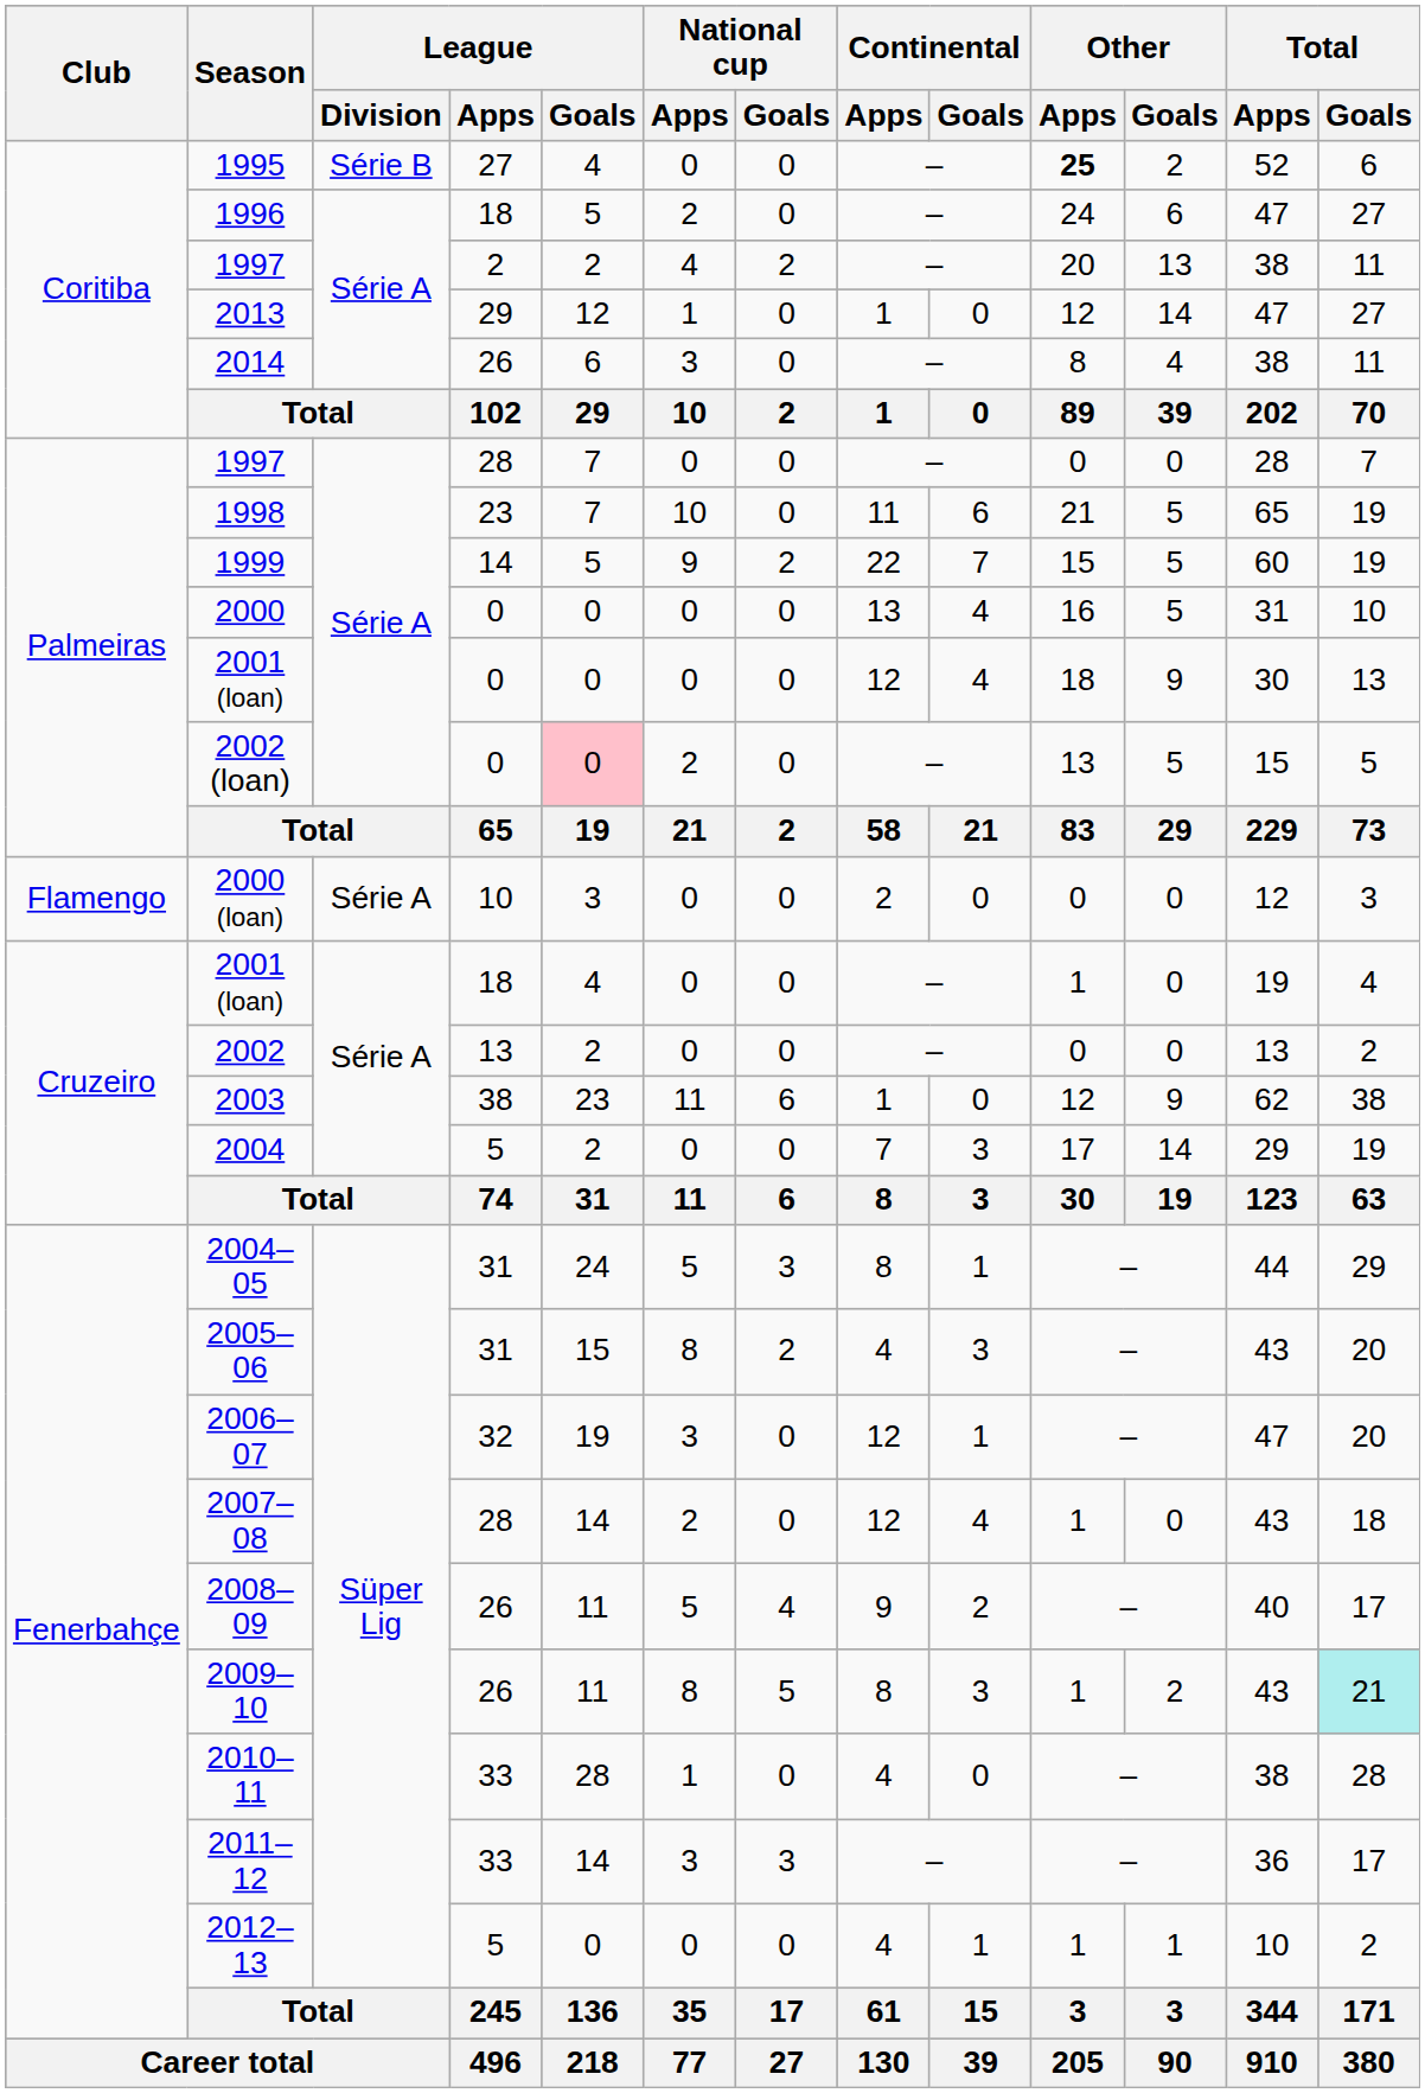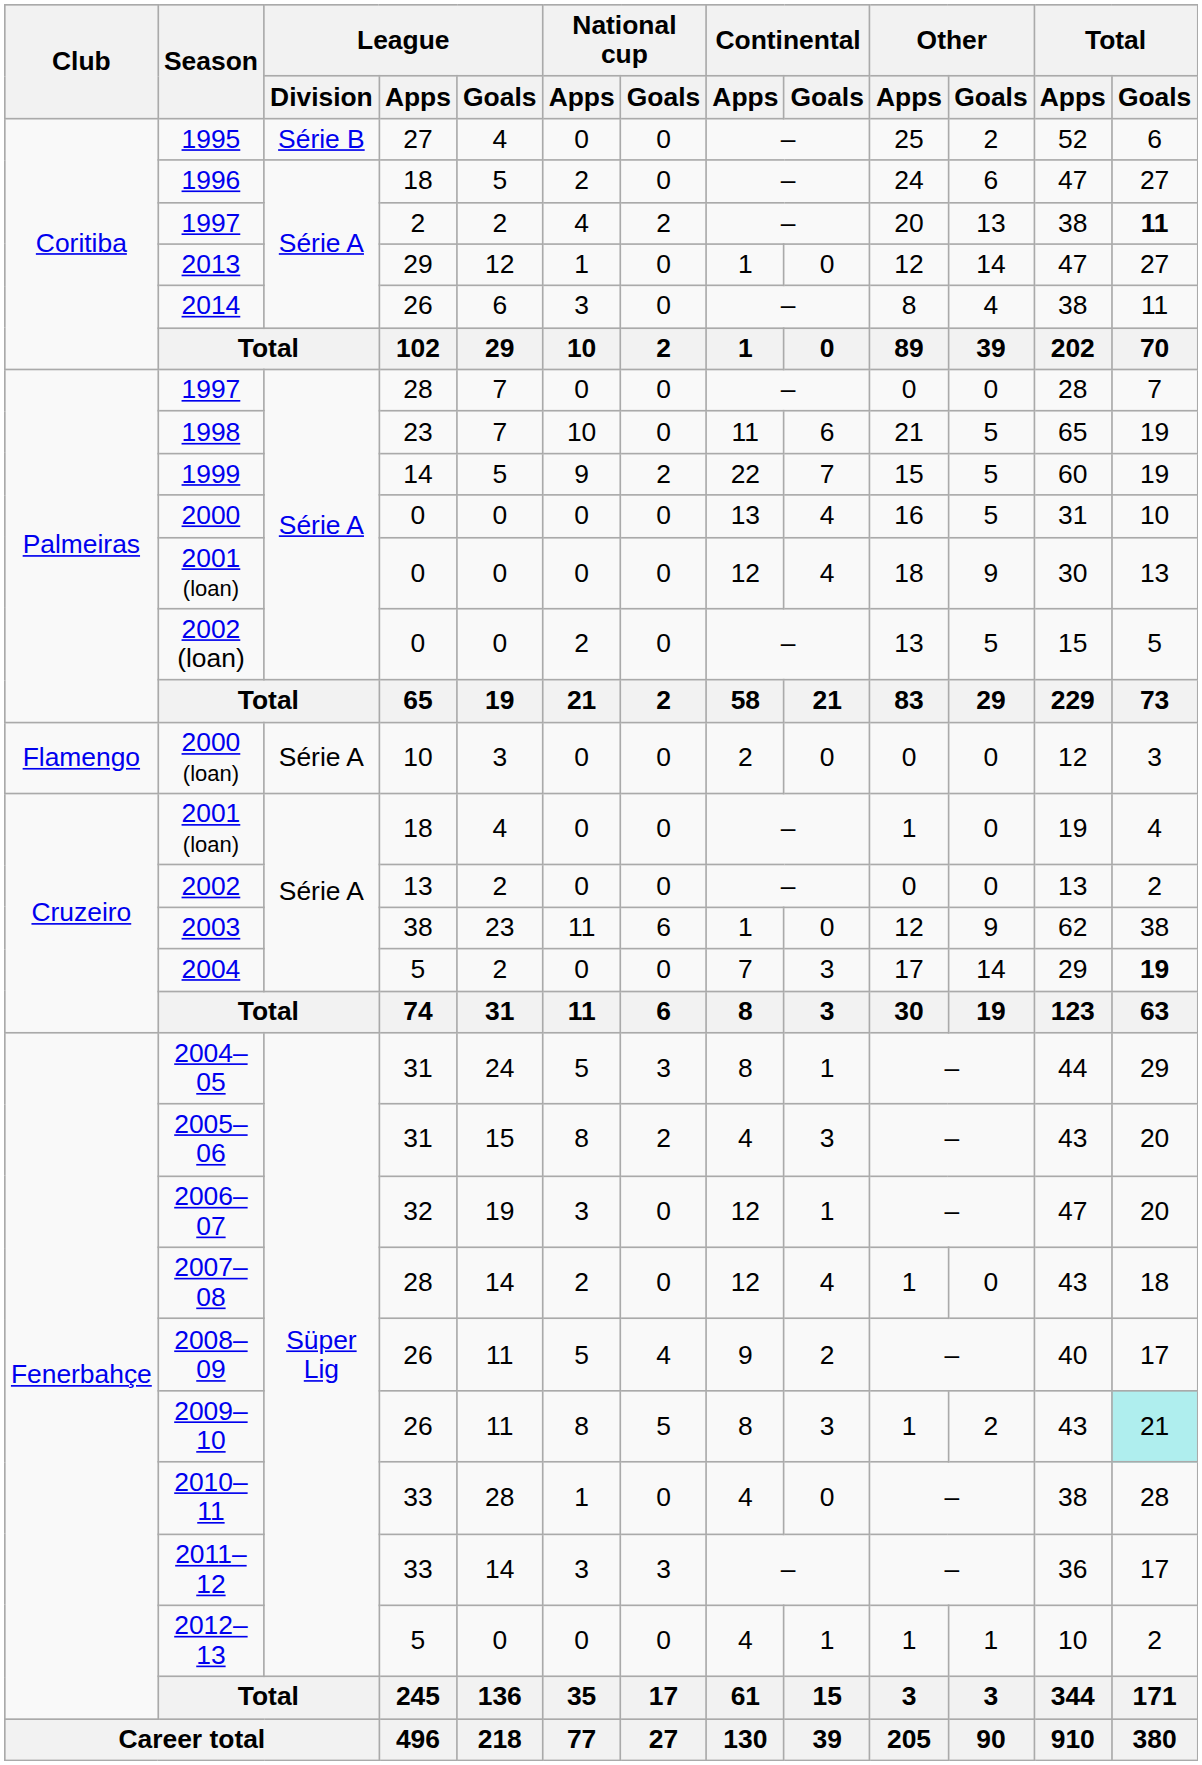 <table class="wikitable" style="text-align:center">
 <tr>
 <th rowspan="2">Club</th>
 <th rowspan="2">Season</th>
 <th colspan="3">League</th>
 <th colspan="2">National cup</th>
 <th colspan="2">Continental</th>
 <th colspan="2">Other</th>
 <th colspan="2">Total</th>
 </tr>
 <tr>
 <th>Division</th>
 <th>Apps</th>
 <th>Goals</th>
 <th>Apps</th>
 <th>Goals</th>
 <th>Apps</th>
 <th>Goals</th>
 <th>Apps</th>
 <th>Goals</th>
 <th>Apps</th>
 <th>Goals</th>
 </tr>
 <tr>
 <td rowspan="6"><a href='#'>Coritiba</a></td>
 <td><a href='#'>1995</a></td>
 <td><a href='#'>Série B</a></td>
 <td>27</td>
 <td>4</td>
 <td>0</td>
 <td>0</td>
 <td colspan="2">–</td>
-<td><strong>25</strong></td>
+<td>25</td>
 <td>2</td>
 <td>52</td>
 <td>6</td>
 </tr>
 <tr>
 <td><a href='#'>1996</a></td>
 <td rowspan="4"><a href='#'>Série A</a></td>
 <td>18</td>
 <td>5</td>
 <td>2</td>
 <td>0</td>
 <td colspan="2">–</td>
 <td>24</td>
 <td>6</td>
 <td>47</td>
 <td>27</td>
 </tr>
 <tr>
 <td><a href='#'>1997</a></td>
 <td>2</td>
 <td>2</td>
 <td>4</td>
 <td>2</td>
 <td colspan="2">–</td>
 <td>20</td>
 <td>13</td>
 <td>38</td>
-<td>11</td>
+<td><strong>11</strong></td>
 </tr>
 <tr>
 <td><a href='#'>2013</a></td>
 <td>29</td>
 <td>12</td>
 <td>1</td>
 <td>0</td>
 <td>1</td>
 <td>0</td>
 <td>12</td>
 <td>14</td>
 <td>47</td>
 <td>27</td>
 </tr>
 <tr>
 <td><a href='#'>2014</a></td>
 <td>26</td>
 <td>6</td>
 <td>3</td>
 <td>0</td>
 <td colspan="2">–</td>
 <td>8</td>
 <td>4</td>
 <td>38</td>
 <td>11</td>
 </tr>
 <tr>
 <th colspan="2">Total</th>
 <th>102</th>
 <th>29</th>
 <th>10</th>
 <th>2</th>
 <th>1</th>
 <th>0</th>
 <th>89</th>
 <th>39</th>
 <th>202</th>
 <th>70</th>
 </tr>
 <tr>
 <td rowspan="7"><a href='#'>Palmeiras</a></td>
 <td><a href='#'>1997</a></td>
 <td rowspan="6"><a href='#'>Série A</a></td>
 <td>28</td>
 <td>7</td>
 <td>0</td>
 <td>0</td>
 <td colspan="2">–</td>
 <td>0</td>
 <td>0</td>
 <td>28</td>
 <td>7</td>
 </tr>
 <tr>
 <td><a href='#'>1998</a></td>
 <td>23</td>
 <td>7</td>
 <td>10</td>
 <td>0</td>
 <td>11</td>
 <td>6</td>
 <td>21</td>
 <td>5</td>
 <td>65</td>
 <td>19</td>
 </tr>
 <tr>
 <td><a href='#'>1999</a></td>
 <td>14</td>
 <td>5</td>
 <td>9</td>
 <td>2</td>
 <td>22</td>
 <td>7</td>
 <td>15</td>
 <td>5</td>
 <td>60</td>
 <td>19</td>
 </tr>
 <tr>
 <td><a href='#'>2000</a></td>
 <td>0</td>
 <td>0</td>
 <td>0</td>
 <td>0</td>
 <td>13</td>
 <td>4</td>
 <td>16</td>
 <td>5</td>
 <td>31</td>
 <td>10</td>
 </tr>
 <tr>
 <td><a href='#'>2001</a> <small>(loan)</small></td>
 <td>0</td>
 <td>0</td>
 <td>0</td>
 <td>0</td>
 <td>12</td>
 <td>4</td>
 <td>18</td>
 <td>9</td>
 <td>30</td>
 <td>13</td>
 </tr>
 <tr>
 <td><a href='#'>2002</a> (loan)</td>
 <td>0</td>
-<td style="background: pink;">0</td>
+<td>0</td>
 <td>2</td>
 <td>0</td>
 <td colspan="2">–</td>
 <td>13</td>
 <td>5</td>
 <td>15</td>
 <td>5</td>
 </tr>
 <tr>
 <th colspan="2">Total</th>
 <th>65</th>
 <th>19</th>
 <th>21</th>
 <th>2</th>
 <th>58</th>
 <th>21</th>
 <th>83</th>
 <th>29</th>
 <th>229</th>
 <th>73</th>
 </tr>
 <tr>
 <td><a href='#'>Flamengo</a></td>
 <td><a href='#'>2000</a> <small>(loan)</small></td>
 <td>Série A</td>
 <td>10</td>
 <td>3</td>
 <td>0</td>
 <td>0</td>
 <td>2</td>
 <td>0</td>
 <td>0</td>
 <td>0</td>
 <td>12</td>
 <td>3</td>
 </tr>
 <tr>
 <td rowspan="5"><a href='#'>Cruzeiro</a></td>
 <td><a href='#'>2001</a> <small>(loan)</small></td>
 <td rowspan="4">Série A</td>
 <td>18</td>
 <td>4</td>
 <td>0</td>
 <td>0</td>
 <td colspan="2">–</td>
 <td>1</td>
 <td>0</td>
 <td>19</td>
 <td>4</td>
 </tr>
 <tr>
 <td><a href='#'>2002</a></td>
 <td>13</td>
 <td>2</td>
 <td>0</td>
 <td>0</td>
 <td colspan="2">–</td>
 <td>0</td>
 <td>0</td>
 <td>13</td>
 <td>2</td>
 </tr>
 <tr>
 <td><a href='#'>2003</a></td>
 <td>38</td>
 <td>23</td>
 <td>11</td>
 <td>6</td>
 <td>1</td>
 <td>0</td>
 <td>12</td>
 <td>9</td>
 <td>62</td>
 <td>38</td>
 </tr>
 <tr>
 <td><a href='#'>2004</a></td>
 <td>5</td>
 <td>2</td>
 <td>0</td>
 <td>0</td>
 <td>7</td>
 <td>3</td>
 <td>17</td>
 <td>14</td>
 <td>29</td>
-<td>19</td>
+<td><strong>19</strong></td>
 </tr>
 <tr>
 <th colspan="2">Total</th>
 <th>74</th>
 <th>31</th>
 <th>11</th>
 <th>6</th>
 <th>8</th>
 <th>3</th>
 <th>30</th>
 <th>19</th>
 <th>123</th>
 <th>63</th>
 </tr>
 <tr>
 <td rowspan="10"><a href='#'>Fenerbahçe</a></td>
 <td><a href='#'>2004–05</a></td>
 <td rowspan="9"><a href='#'>Süper Lig</a></td>
 <td>31</td>
 <td>24</td>
 <td>5</td>
 <td>3</td>
 <td>8</td>
 <td>1</td>
 <td colspan="2">–</td>
 <td>44</td>
 <td>29</td>
 </tr>
 <tr>
 <td><a href='#'>2005–06</a></td>
 <td>31</td>
 <td>15</td>
 <td>8</td>
 <td>2</td>
 <td>4</td>
 <td>3</td>
 <td colspan="2">–</td>
 <td>43</td>
 <td>20</td>
 </tr>
 <tr>
 <td><a href='#'>2006–07</a></td>
 <td>32</td>
 <td>19</td>
 <td>3</td>
 <td>0</td>
 <td>12</td>
 <td>1</td>
 <td colspan="2">–</td>
 <td>47</td>
 <td>20</td>
 </tr>
 <tr>
 <td><a href='#'>2007–08</a></td>
 <td>28</td>
 <td>14</td>
 <td>2</td>
 <td>0</td>
 <td>12</td>
 <td>4</td>
 <td>1</td>
 <td>0</td>
 <td>43</td>
 <td>18</td>
 </tr>
 <tr>
 <td><a href='#'>2008–09</a></td>
 <td>26</td>
 <td>11</td>
 <td>5</td>
 <td>4</td>
 <td>9</td>
 <td>2</td>
 <td colspan="2">–</td>
 <td>40</td>
 <td>17</td>
 </tr>
 <tr>
 <td><a href='#'>2009–10</a></td>
 <td>26</td>
 <td>11</td>
 <td>8</td>
 <td>5</td>
 <td>8</td>
 <td>3</td>
 <td>1</td>
 <td>2</td>
 <td>43</td>
 <td style="background: paleturquoise;">21</td>
 </tr>
 <tr>
 <td><a href='#'>2010–11</a></td>
 <td>33</td>
 <td>28</td>
 <td>1</td>
 <td>0</td>
 <td>4</td>
 <td>0</td>
 <td colspan="2">–</td>
 <td>38</td>
 <td>28</td>
 </tr>
 <tr>
 <td><a href='#'>2011–12</a></td>
 <td>33</td>
 <td>14</td>
 <td>3</td>
 <td>3</td>
 <td colspan="2">–</td>
 <td colspan="2">–</td>
 <td>36</td>
 <td>17</td>
 </tr>
 <tr>
 <td><a href='#'>2012–13</a></td>
 <td>5</td>
 <td>0</td>
 <td>0</td>
 <td>0</td>
 <td>4</td>
 <td>1</td>
 <td>1</td>
 <td>1</td>
 <td>10</td>
 <td>2</td>
 </tr>
 <tr>
 <th colspan="2">Total</th>
 <th>245</th>
 <th>136</th>
 <th>35</th>
 <th>17</th>
 <th>61</th>
 <th>15</th>
 <th>3</th>
 <th>3</th>
 <th>344</th>
 <th>171</th>
 </tr>
 <tr>
 <th colspan="3">Career total</th>
 <th>496</th>
 <th>218</th>
 <th>77</th>
 <th>27</th>
 <th>130</th>
 <th>39</th>
 <th>205</th>
 <th>90</th>
 <th>910</th>
 <th>380</th>
 </tr>
 </table>
